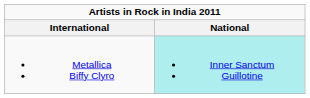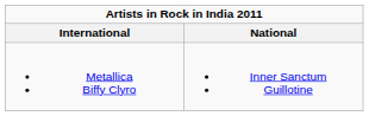 <table class="wikitable">
 <tr>
 <td colspan="3" align="center"><strong>Artists in Rock in India 2011</strong></td>
 </tr>
 <tr>
 <th>International</th>
 <th>National</th>
 </tr>
 <tr>
 <td valign="top" align="center" width=235><br><ul><li><a href='#'>Metallica</a></li><li><a href='#'>Biffy Clyro</a></li></ul></td>
-<td valign="top" align="center" width=235 style="background: paleturquoise;"><br><ul><li><a href='#'>Inner Sanctum</a></li><li><a href='#'>Guillotine</a></li></ul></td>
+<td valign="top" align="center" width=235><br><ul><li><a href='#'>Inner Sanctum</a></li><li><a href='#'>Guillotine</a></li></ul></td>
 </tr>
 </table>
